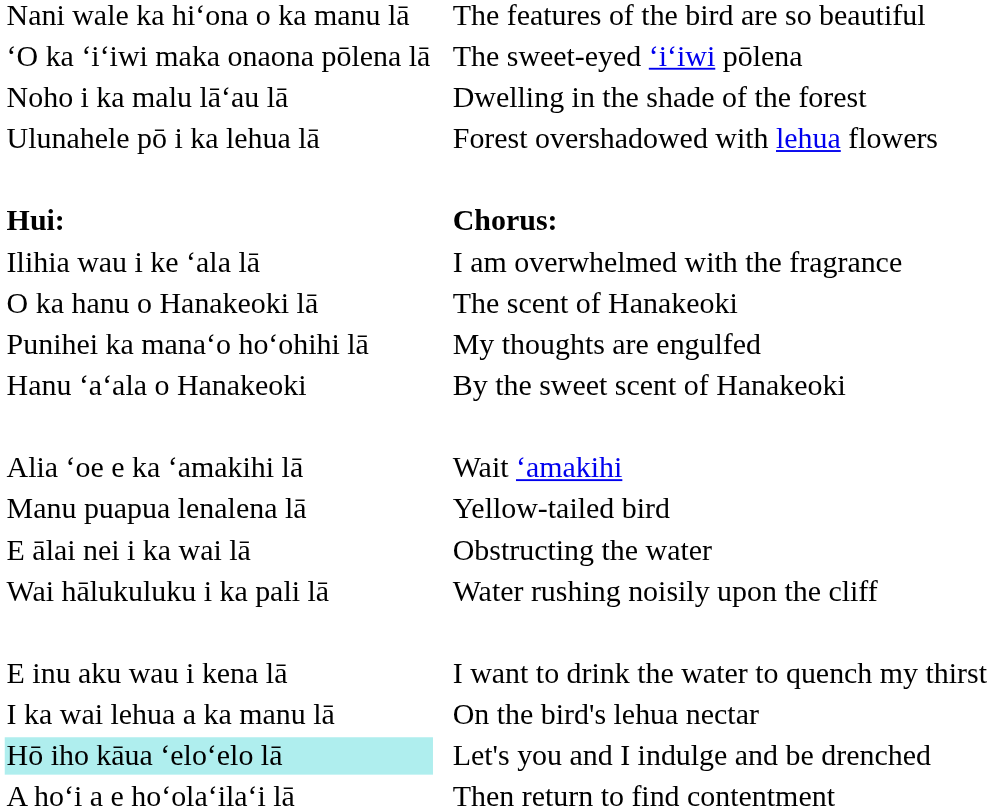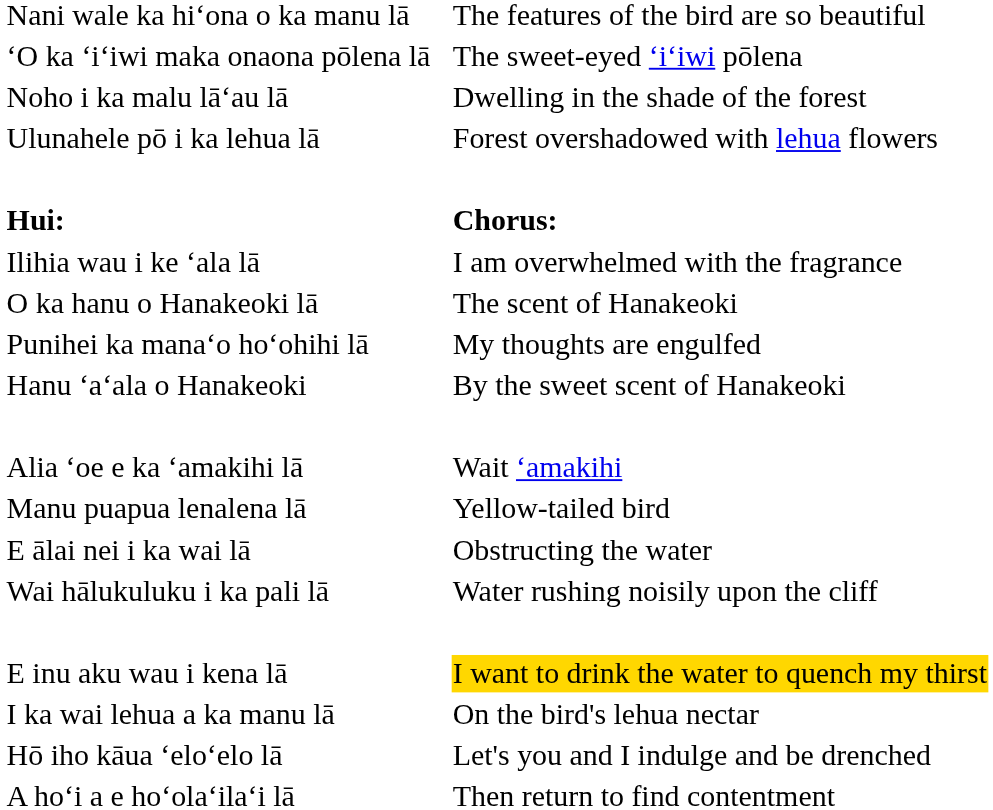 <table>
 <tr>
 <td>Nani wale ka hiʻona o ka manu lā</td>
 <td rowspan=99> </td>
 <td>The features of the bird are so beautiful</td>
 </tr>
 <tr>
 <td>ʻO ka ʻiʻiwi maka onaona pōlena lā</td>
 <td>The sweet-eyed <a href='#'>ʻiʻiwi</a> pōlena</td>
 </tr>
 <tr>
 <td>Noho i ka malu lāʻau lā</td>
 <td>Dwelling in the shade of the forest</td>
 </tr>
 <tr>
 <td>Ulunahele pō i ka lehua lā</td>
 <td>Forest overshadowed with <a href='#'>lehua</a> flowers</td>
 </tr>
 <tr>
 <td> </td>
 <td> </td>
 </tr>
 <tr>
 <td><strong>Hui:</strong></td>
 <td><strong>Chorus:</strong></td>
 </tr>
 <tr>
 <td>Ilihia wau i ke ʻala lā</td>
 <td>I am overwhelmed with the fragrance</td>
 </tr>
 <tr>
 <td>O ka hanu o Hanakeoki lā</td>
 <td>The scent of Hanakeoki</td>
 </tr>
 <tr>
 <td>Punihei ka manaʻo hoʻohihi lā</td>
 <td>My thoughts are engulfed</td>
 </tr>
 <tr>
 <td>Hanu ʻaʻala o Hanakeoki</td>
 <td>By the sweet scent of Hanakeoki</td>
 </tr>
 <tr>
 <td> </td>
 <td> </td>
 </tr>
 <tr>
 <td>Alia ʻoe e ka ʻamakihi lā</td>
 <td>Wait <a href='#'>ʻamakihi</a></td>
 </tr>
 <tr>
 <td>Manu puapua lenalena lā</td>
 <td>Yellow-tailed bird</td>
 </tr>
 <tr>
 <td>E ālai nei i ka wai lā</td>
 <td>Obstructing the water</td>
 </tr>
 <tr>
 <td>Wai hālukuluku i ka pali lā</td>
 <td>Water rushing noisily upon the cliff</td>
 </tr>
 <tr>
 <td> </td>
 <td> </td>
 </tr>
 <tr>
 <td>E inu aku wau i kena lā</td>
-<td>I want to drink the water to quench my thirst</td>
+<td style="background: gold;">I want to drink the water to quench my thirst</td>
 </tr>
 <tr>
 <td>I ka wai lehua a ka manu lā</td>
 <td>On the bird's lehua nectar</td>
 </tr>
 <tr>
-<td style="background: paleturquoise;">Hō iho kāua ʻeloʻelo lā</td>
+<td>Hō iho kāua ʻeloʻelo lā</td>
 <td>Let's you and I indulge and be drenched</td>
 </tr>
 <tr>
 <td>A hoʻi a e hoʻolaʻilaʻi lā</td>
 <td>Then return to find contentment</td>
 </tr>
 </table>
